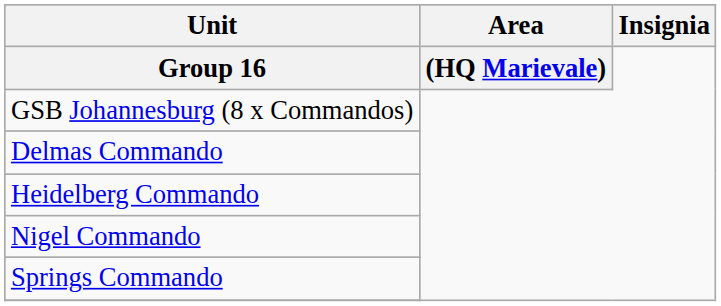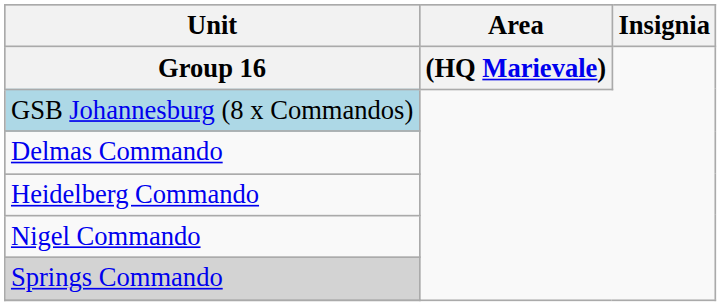 <table class="wikitable">
 <tr>
 <th>Unit</th>
 <th>Area</th>
 <th>Insignia</th>
 </tr>
 <tr>
 <th>Group 16</th>
 <th>(HQ <a href='#'>Marievale</a>)</th>
 </tr>
 <tr>
-<td>GSB <a href='#'>Johannesburg</a> (8 x Commandos)</td>
+<td style="background: lightblue;">GSB <a href='#'>Johannesburg</a> (8 x Commandos)</td>
 </tr>
 <tr>
 <td><a href='#'>Delmas Commando</a></td>
 </tr>
 <tr>
 <td><a href='#'>Heidelberg Commando</a></td>
 </tr>
 <tr>
 <td><a href='#'>Nigel Commando</a></td>
 </tr>
 <tr>
-<td><a href='#'>Springs Commando</a></td>
+<td style="background: lightgrey;"><a href='#'>Springs Commando</a></td>
 </tr>
 <tr>
 </tr>
 </table>
